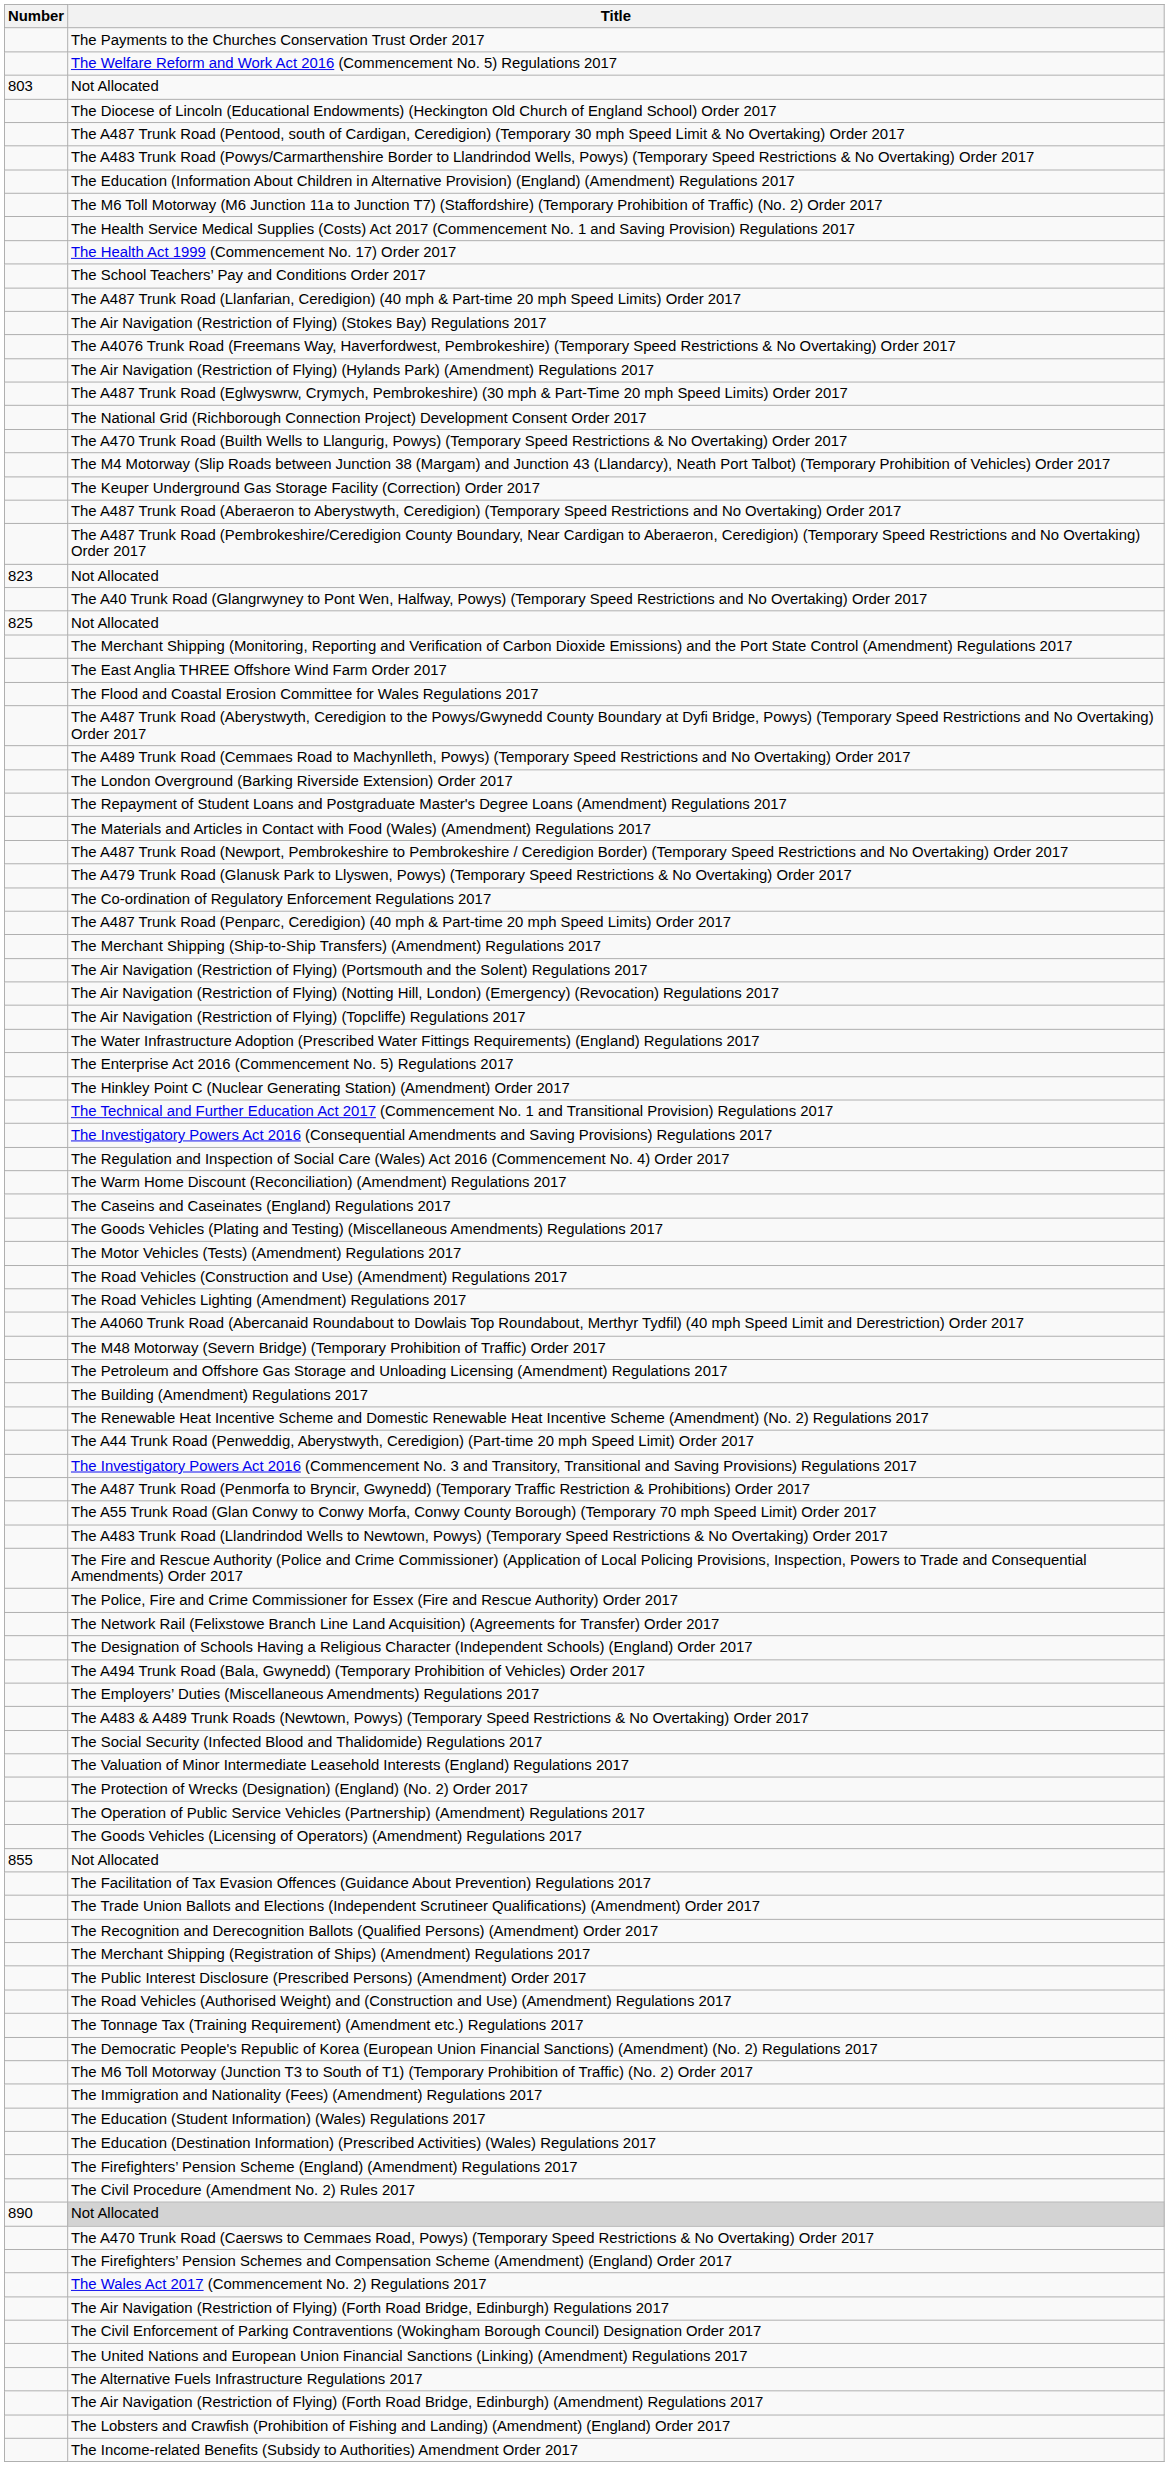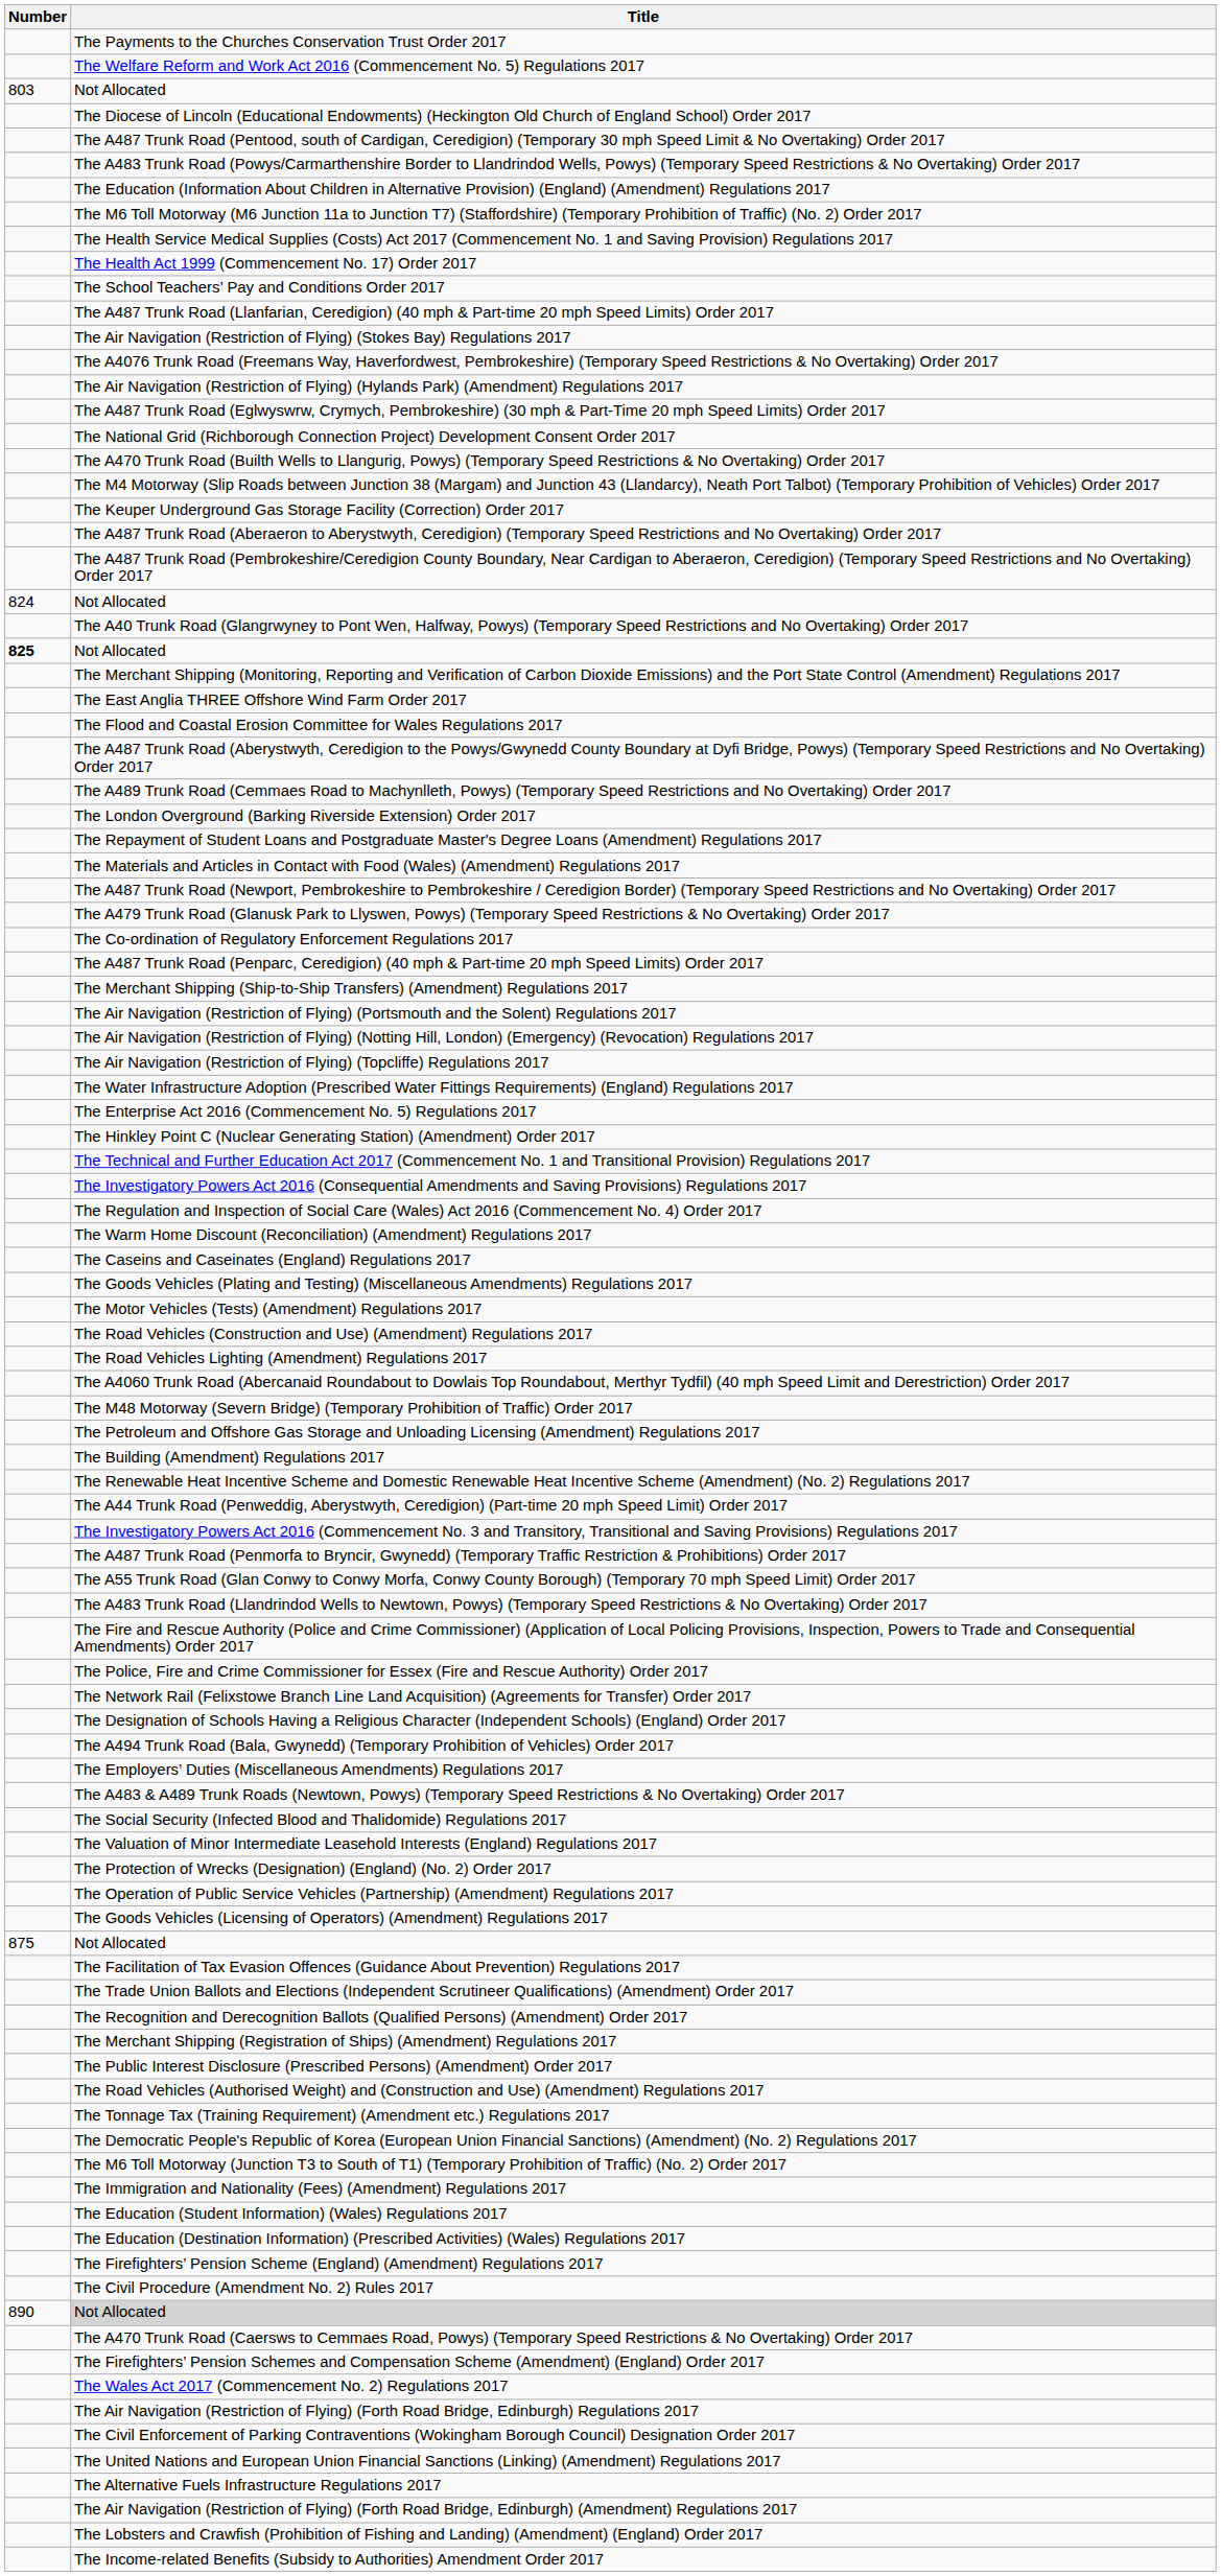 <table class="wikitable collapsible">
 <tr>
 <th>Number</th>
 <th>Title</th>
 </tr>
 <tr>
 <td></td>
 <td>The Payments to the Churches Conservation Trust Order 2017</td>
 </tr>
 <tr>
 <td></td>
 <td><a href='#'>The Welfare Reform and Work Act 2016</a> (Commencement No. 5) Regulations 2017</td>
 </tr>
 <tr>
 <td>803</td>
 <td>Not Allocated</td>
 </tr>
 <tr>
 <td></td>
 <td>The Diocese of Lincoln (Educational Endowments) (Heckington Old Church of England School) Order 2017</td>
 </tr>
 <tr>
 <td></td>
 <td>The A487 Trunk Road (Pentood, south of Cardigan, Ceredigion) (Temporary 30 mph Speed Limit & No Overtaking) Order 2017</td>
 </tr>
 <tr>
 <td></td>
 <td>The A483 Trunk Road (Powys/Carmarthenshire Border to Llandrindod Wells, Powys) (Temporary Speed Restrictions & No Overtaking) Order 2017</td>
 </tr>
 <tr>
 <td></td>
 <td>The Education (Information About Children in Alternative Provision) (England) (Amendment) Regulations 2017</td>
 </tr>
 <tr>
 <td></td>
 <td>The M6 Toll Motorway (M6 Junction 11a to Junction T7) (Staffordshire) (Temporary Prohibition of Traffic) (No. 2) Order 2017</td>
 </tr>
 <tr>
 <td></td>
 <td>The Health Service Medical Supplies (Costs) Act 2017 (Commencement No. 1 and Saving Provision) Regulations 2017</td>
 </tr>
 <tr>
 <td></td>
 <td><a href='#'>The Health Act 1999</a> (Commencement No. 17) Order 2017</td>
 </tr>
 <tr>
 <td></td>
 <td>The School Teachers’ Pay and Conditions Order 2017</td>
 </tr>
 <tr>
 <td></td>
 <td>The A487 Trunk Road (Llanfarian, Ceredigion) (40 mph & Part-time 20 mph Speed Limits) Order 2017</td>
 </tr>
 <tr>
 <td></td>
 <td>The Air Navigation (Restriction of Flying) (Stokes Bay) Regulations 2017</td>
 </tr>
 <tr>
 <td></td>
 <td>The A4076 Trunk Road (Freemans Way, Haverfordwest, Pembrokeshire) (Temporary Speed Restrictions & No Overtaking) Order 2017</td>
 </tr>
 <tr>
 <td></td>
 <td>The Air Navigation (Restriction of Flying) (Hylands Park) (Amendment) Regulations 2017</td>
 </tr>
 <tr>
 <td></td>
 <td>The A487 Trunk Road (Eglwyswrw, Crymych, Pembrokeshire) (30 mph & Part-Time 20 mph Speed Limits) Order 2017</td>
 </tr>
 <tr>
 <td></td>
 <td>The National Grid (Richborough Connection Project) Development Consent Order 2017</td>
 </tr>
 <tr>
 <td></td>
 <td>The A470 Trunk Road (Builth Wells to Llangurig, Powys) (Temporary Speed Restrictions & No Overtaking) Order 2017</td>
 </tr>
 <tr>
 <td></td>
 <td>The M4 Motorway (Slip Roads between Junction 38 (Margam) and Junction 43 (Llandarcy), Neath Port Talbot) (Temporary Prohibition of Vehicles) Order 2017</td>
 </tr>
 <tr>
 <td></td>
 <td>The Keuper Underground Gas Storage Facility (Correction) Order 2017</td>
 </tr>
 <tr>
 <td></td>
 <td>The A487 Trunk Road (Aberaeron to Aberystwyth, Ceredigion) (Temporary Speed Restrictions and No Overtaking) Order 2017</td>
 </tr>
 <tr>
 <td></td>
 <td>The A487 Trunk Road (Pembrokeshire/Ceredigion County Boundary, Near Cardigan to Aberaeron, Ceredigion) (Temporary Speed Restrictions and No Overtaking) Order 2017</td>
 </tr>
 <tr>
-<td>823</td>
+<td>824</td>
 <td>Not Allocated</td>
 </tr>
 <tr>
 <td></td>
 <td>The A40 Trunk Road (Glangrwyney to Pont Wen, Halfway, Powys) (Temporary Speed Restrictions and No Overtaking) Order 2017</td>
 </tr>
 <tr>
-<td>825</td>
+<td><strong>825</strong></td>
 <td>Not Allocated</td>
 </tr>
 <tr>
 <td></td>
 <td>The Merchant Shipping (Monitoring, Reporting and Verification of Carbon Dioxide Emissions) and the Port State Control (Amendment) Regulations 2017</td>
 </tr>
 <tr>
 <td></td>
 <td>The East Anglia THREE Offshore Wind Farm Order 2017</td>
 </tr>
 <tr>
 <td></td>
 <td>The Flood and Coastal Erosion Committee for Wales Regulations 2017</td>
 </tr>
 <tr>
 <td></td>
 <td>The A487 Trunk Road (Aberystwyth, Ceredigion to the Powys/Gwynedd County Boundary at Dyfi Bridge, Powys) (Temporary Speed Restrictions and No Overtaking) Order 2017</td>
 </tr>
 <tr>
 <td></td>
 <td>The A489 Trunk Road (Cemmaes Road to Machynlleth, Powys) (Temporary Speed Restrictions and No Overtaking) Order 2017</td>
 </tr>
 <tr>
 <td></td>
 <td>The London Overground (Barking Riverside Extension) Order 2017</td>
 </tr>
 <tr>
 <td></td>
 <td>The Repayment of Student Loans and Postgraduate Master's Degree Loans (Amendment) Regulations 2017</td>
 </tr>
 <tr>
 <td></td>
 <td>The Materials and Articles in Contact with Food (Wales) (Amendment) Regulations 2017</td>
 </tr>
 <tr>
 <td></td>
 <td>The A487 Trunk Road (Newport, Pembrokeshire to Pembrokeshire / Ceredigion Border) (Temporary Speed Restrictions and No Overtaking) Order 2017</td>
 </tr>
 <tr>
 <td></td>
 <td>The A479 Trunk Road (Glanusk Park to Llyswen, Powys) (Temporary Speed Restrictions & No Overtaking) Order 2017</td>
 </tr>
 <tr>
 <td></td>
 <td>The Co-ordination of Regulatory Enforcement Regulations 2017</td>
 </tr>
 <tr>
 <td></td>
 <td>The A487 Trunk Road (Penparc, Ceredigion) (40 mph & Part-time 20 mph Speed Limits) Order 2017</td>
 </tr>
 <tr>
 <td></td>
 <td>The Merchant Shipping (Ship-to-Ship Transfers) (Amendment) Regulations 2017</td>
 </tr>
 <tr>
 <td></td>
 <td>The Air Navigation (Restriction of Flying) (Portsmouth and the Solent) Regulations 2017</td>
 </tr>
 <tr>
 <td></td>
 <td>The Air Navigation (Restriction of Flying) (Notting Hill, London) (Emergency) (Revocation) Regulations 2017</td>
 </tr>
 <tr>
 <td></td>
 <td>The Air Navigation (Restriction of Flying) (Topcliffe) Regulations 2017</td>
 </tr>
 <tr>
 <td></td>
 <td>The Water Infrastructure Adoption (Prescribed Water Fittings Requirements) (England) Regulations 2017</td>
 </tr>
 <tr>
 <td></td>
 <td>The Enterprise Act 2016 (Commencement No. 5) Regulations 2017</td>
 </tr>
 <tr>
 <td></td>
 <td>The Hinkley Point C (Nuclear Generating Station) (Amendment) Order 2017</td>
 </tr>
 <tr>
 <td></td>
 <td><a href='#'>The Technical and Further Education Act 2017</a> (Commencement No. 1 and Transitional Provision) Regulations 2017</td>
 </tr>
 <tr>
 <td></td>
 <td><a href='#'>The Investigatory Powers Act 2016</a> (Consequential Amendments and Saving Provisions) Regulations 2017</td>
 </tr>
 <tr>
 <td></td>
 <td>The Regulation and Inspection of Social Care (Wales) Act 2016 (Commencement No. 4) Order 2017</td>
 </tr>
 <tr>
 <td></td>
 <td>The Warm Home Discount (Reconciliation) (Amendment) Regulations 2017</td>
 </tr>
 <tr>
 <td></td>
 <td>The Caseins and Caseinates (England) Regulations 2017</td>
 </tr>
 <tr>
 <td></td>
 <td>The Goods Vehicles (Plating and Testing) (Miscellaneous Amendments) Regulations 2017</td>
 </tr>
 <tr>
 <td></td>
 <td>The Motor Vehicles (Tests) (Amendment) Regulations 2017</td>
 </tr>
 <tr>
 <td></td>
 <td>The Road Vehicles (Construction and Use) (Amendment) Regulations 2017</td>
 </tr>
 <tr>
 <td></td>
 <td>The Road Vehicles Lighting (Amendment) Regulations 2017</td>
 </tr>
 <tr>
 <td></td>
 <td>The A4060 Trunk Road (Abercanaid Roundabout to Dowlais Top Roundabout, Merthyr Tydfil) (40 mph Speed Limit and Derestriction) Order 2017</td>
 </tr>
 <tr>
 <td></td>
 <td>The M48 Motorway (Severn Bridge) (Temporary Prohibition of Traffic) Order 2017</td>
 </tr>
 <tr>
 <td></td>
 <td>The Petroleum and Offshore Gas Storage and Unloading Licensing (Amendment) Regulations 2017</td>
 </tr>
 <tr>
 <td></td>
 <td>The Building (Amendment) Regulations 2017</td>
 </tr>
 <tr>
 <td></td>
 <td>The Renewable Heat Incentive Scheme and Domestic Renewable Heat Incentive Scheme (Amendment) (No. 2) Regulations 2017</td>
 </tr>
 <tr>
 <td></td>
 <td>The A44 Trunk Road (Penweddig, Aberystwyth, Ceredigion) (Part-time 20 mph Speed Limit) Order 2017</td>
 </tr>
 <tr>
 <td></td>
 <td><a href='#'>The Investigatory Powers Act 2016</a> (Commencement No. 3 and Transitory, Transitional and Saving Provisions) Regulations 2017</td>
 </tr>
 <tr>
 <td></td>
 <td>The A487 Trunk Road (Penmorfa to Bryncir, Gwynedd) (Temporary Traffic Restriction & Prohibitions) Order 2017</td>
 </tr>
 <tr>
 <td></td>
 <td>The A55 Trunk Road (Glan Conwy to Conwy Morfa, Conwy County Borough) (Temporary 70 mph Speed Limit) Order 2017</td>
 </tr>
 <tr>
 <td></td>
 <td>The A483 Trunk Road (Llandrindod Wells to Newtown, Powys) (Temporary Speed Restrictions & No Overtaking) Order 2017</td>
 </tr>
 <tr>
 <td></td>
 <td>The Fire and Rescue Authority (Police and Crime Commissioner) (Application of Local Policing Provisions, Inspection, Powers to Trade and Consequential Amendments) Order 2017</td>
 </tr>
 <tr>
 <td></td>
 <td>The Police, Fire and Crime Commissioner for Essex (Fire and Rescue Authority) Order 2017</td>
 </tr>
 <tr>
 <td></td>
 <td>The Network Rail (Felixstowe Branch Line Land Acquisition) (Agreements for Transfer) Order 2017</td>
 </tr>
 <tr>
 <td></td>
 <td>The Designation of Schools Having a Religious Character (Independent Schools) (England) Order 2017</td>
 </tr>
 <tr>
 <td></td>
 <td>The A494 Trunk Road (Bala, Gwynedd) (Temporary Prohibition of Vehicles) Order 2017</td>
 </tr>
 <tr>
 <td></td>
 <td>The Employers’ Duties (Miscellaneous Amendments) Regulations 2017</td>
 </tr>
 <tr>
 <td></td>
 <td>The A483 & A489 Trunk Roads (Newtown, Powys) (Temporary Speed Restrictions & No Overtaking) Order 2017</td>
 </tr>
 <tr>
 <td></td>
 <td>The Social Security (Infected Blood and Thalidomide) Regulations 2017</td>
 </tr>
 <tr>
 <td></td>
 <td>The Valuation of Minor Intermediate Leasehold Interests (England) Regulations 2017</td>
 </tr>
 <tr>
 <td></td>
 <td>The Protection of Wrecks (Designation) (England) (No. 2) Order 2017</td>
 </tr>
 <tr>
 <td></td>
 <td>The Operation of Public Service Vehicles (Partnership) (Amendment) Regulations 2017</td>
 </tr>
 <tr>
 <td></td>
 <td>The Goods Vehicles (Licensing of Operators) (Amendment) Regulations 2017</td>
 </tr>
 <tr>
-<td>855</td>
+<td>875</td>
 <td>Not Allocated</td>
 </tr>
 <tr>
 <td></td>
 <td>The Facilitation of Tax Evasion Offences (Guidance About Prevention) Regulations 2017</td>
 </tr>
 <tr>
 <td></td>
 <td>The Trade Union Ballots and Elections (Independent Scrutineer Qualifications) (Amendment) Order 2017</td>
 </tr>
 <tr>
 <td></td>
 <td>The Recognition and Derecognition Ballots (Qualified Persons) (Amendment) Order 2017</td>
 </tr>
 <tr>
 <td></td>
 <td>The Merchant Shipping (Registration of Ships) (Amendment) Regulations 2017</td>
 </tr>
 <tr>
 <td></td>
 <td>The Public Interest Disclosure (Prescribed Persons) (Amendment) Order 2017</td>
 </tr>
 <tr>
 <td></td>
 <td>The Road Vehicles (Authorised Weight) and (Construction and Use) (Amendment) Regulations 2017</td>
 </tr>
 <tr>
 <td></td>
 <td>The Tonnage Tax (Training Requirement) (Amendment etc.) Regulations 2017</td>
 </tr>
 <tr>
 <td></td>
 <td>The Democratic People's Republic of Korea (European Union Financial Sanctions) (Amendment) (No. 2) Regulations 2017</td>
 </tr>
 <tr>
 <td></td>
 <td>The M6 Toll Motorway (Junction T3 to South of T1) (Temporary Prohibition of Traffic) (No. 2) Order 2017</td>
 </tr>
 <tr>
 <td></td>
 <td>The Immigration and Nationality (Fees) (Amendment) Regulations 2017</td>
 </tr>
 <tr>
 <td></td>
 <td>The Education (Student Information) (Wales) Regulations 2017</td>
 </tr>
 <tr>
 <td></td>
 <td>The Education (Destination Information) (Prescribed Activities) (Wales) Regulations 2017</td>
 </tr>
 <tr>
 <td></td>
 <td>The Firefighters’ Pension Scheme (England) (Amendment) Regulations 2017</td>
 </tr>
 <tr>
 <td></td>
 <td>The Civil Procedure (Amendment No. 2) Rules 2017</td>
 </tr>
 <tr>
 <td>890</td>
 <td style="background: lightgrey;">Not Allocated</td>
 </tr>
 <tr>
 <td></td>
 <td>The A470 Trunk Road (Caersws to Cemmaes Road, Powys) (Temporary Speed Restrictions & No Overtaking) Order 2017</td>
 </tr>
 <tr>
 <td></td>
 <td>The Firefighters’ Pension Schemes and Compensation Scheme (Amendment) (England) Order 2017</td>
 </tr>
 <tr>
 <td></td>
 <td><a href='#'>The Wales Act 2017</a> (Commencement No. 2) Regulations 2017</td>
 </tr>
 <tr>
 <td></td>
 <td>The Air Navigation (Restriction of Flying) (Forth Road Bridge, Edinburgh) Regulations 2017</td>
 </tr>
 <tr>
 <td></td>
 <td>The Civil Enforcement of Parking Contraventions (Wokingham Borough Council) Designation Order 2017</td>
 </tr>
 <tr>
 <td></td>
 <td>The United Nations and European Union Financial Sanctions (Linking) (Amendment) Regulations 2017</td>
 </tr>
 <tr>
 <td></td>
 <td>The Alternative Fuels Infrastructure Regulations 2017</td>
 </tr>
 <tr>
 <td></td>
 <td>The Air Navigation (Restriction of Flying) (Forth Road Bridge, Edinburgh) (Amendment) Regulations 2017</td>
 </tr>
 <tr>
 <td></td>
 <td>The Lobsters and Crawfish (Prohibition of Fishing and Landing) (Amendment) (England) Order 2017</td>
 </tr>
 <tr>
 <td></td>
 <td>The Income-related Benefits (Subsidy to Authorities) Amendment Order 2017</td>
 </tr>
 </table>
